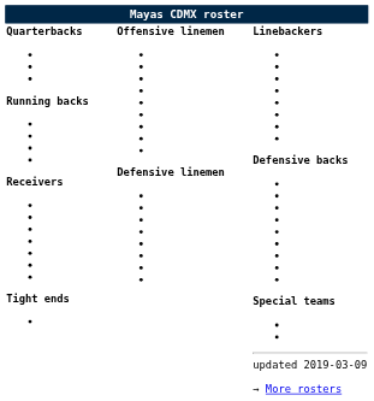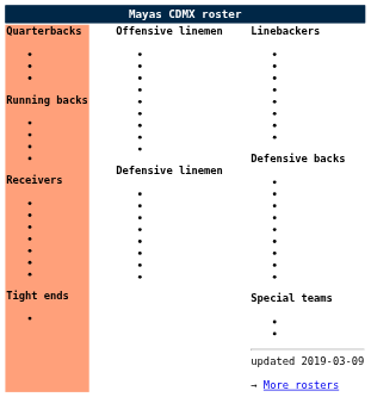 <table class="toccolours" style="text-align: left;">
 <tr>
 <th colspan="7" style="background:#002747; color:white; text-align: center; border:2px solid #002747;"><strong>Mayas CDMX roster</strong></th>
 </tr>
 <tr>
-<td style="font-size: 95%;vertical-align:top;"><strong>Quarterbacks</strong><br><ul><li></li><li></li><li></li></ul><strong>Running backs</strong><ul><li></li><li></li><li></li><li></li></ul><strong>Receivers</strong><ul><li></li><li></li><li></li><li></li><li></li><li></li><li></li></ul><strong>Tight ends</strong><ul><li></li></ul></td>
+<td style="background: lightsalmon; font-size: 95%;vertical-align:top;"><strong>Quarterbacks</strong><br><ul><li></li><li></li><li></li></ul><strong>Running backs</strong><ul><li></li><li></li><li></li><li></li></ul><strong>Receivers</strong><ul><li></li><li></li><li></li><li></li><li></li><li></li><li></li></ul><strong>Tight ends</strong><ul><li></li></ul></td>
 <td style="width: 25px;"></td>
 <td style="font-size: 95%;vertical-align:top;"><strong>Offensive linemen</strong><br><ul><li></li><li></li><li></li><li></li><li></li><li></li><li></li><li></li><li></li></ul><strong>Defensive linemen</strong><ul><li></li><li></li><li></li><li></li><li></li><li></li><li></li><li></li></ul></td>
 <td style="width: 25px;"></td>
 <td style="font-size: 95%;vertical-align:top;"><strong>Linebackers</strong><br><ul><li></li><li></li><li></li><li></li><li></li><li></li><li></li><li></li></ul><strong>Defensive backs</strong><ul><li></li><li></li><li></li><li></li><li></li><li></li><li></li><li></li><li></li></ul><strong>Special teams</strong><ul><li></li><li></li></ul><hr> <span></span> updated 2019-03-09<br><br>→ <a href='#'>More rosters</a></td>
 </tr>
 <tr>
 </tr>
 </table>
